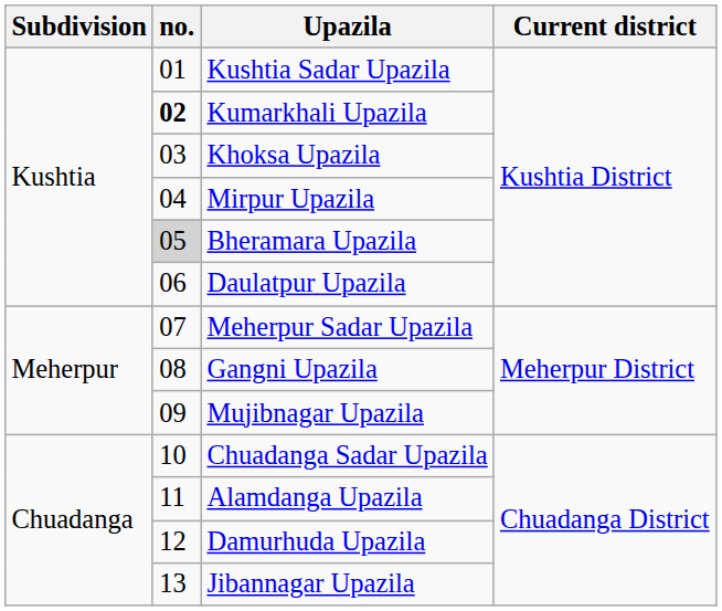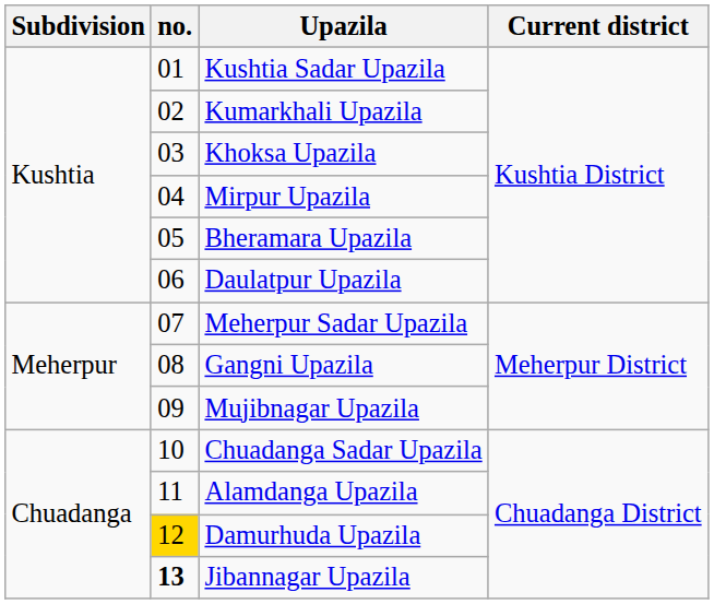 <table class="wikitable">
 <tr>
 <th>Subdivision</th>
 <th>no.</th>
 <th>Upazila</th>
 <th>Current district</th>
 </tr>
 <tr>
 <td rowspan="6">Kushtia</td>
 <td>01</td>
 <td><a href='#'>Kushtia Sadar Upazila</a></td>
 <td rowspan="6"><a href='#'>Kushtia District</a></td>
 </tr>
 <tr>
-<td><strong>02</strong></td>
+<td>02</td>
 <td><a href='#'>Kumarkhali Upazila</a></td>
 </tr>
 <tr>
 <td>03</td>
 <td><a href='#'>Khoksa Upazila</a></td>
 </tr>
 <tr>
 <td>04</td>
 <td><a href='#'>Mirpur Upazila</a></td>
 </tr>
 <tr>
-<td style="background: lightgrey;">05</td>
+<td>05</td>
 <td><a href='#'>Bheramara Upazila</a></td>
 </tr>
 <tr>
 <td>06</td>
 <td><a href='#'> Daulatpur Upazila</a></td>
 </tr>
 <tr>
 <td rowspan="3">Meherpur</td>
 <td>07</td>
 <td><a href='#'>Meherpur Sadar Upazila</a></td>
 <td rowspan="3"><a href='#'>Meherpur District</a></td>
 </tr>
 <tr>
 <td>08</td>
 <td><a href='#'>Gangni Upazila</a></td>
 </tr>
 <tr>
 <td>09</td>
 <td><a href='#'>Mujibnagar Upazila</a></td>
 </tr>
 <tr>
 <td rowspan="4">Chuadanga</td>
 <td>10</td>
 <td><a href='#'>Chuadanga Sadar Upazila</a></td>
 <td rowspan="4"><a href='#'>Chuadanga District</a></td>
 </tr>
 <tr>
 <td>11</td>
 <td><a href='#'>Alamdanga Upazila</a></td>
 </tr>
 <tr>
-<td>12</td>
+<td style="background: gold;">12</td>
 <td><a href='#'>Damurhuda Upazila</a></td>
 </tr>
 <tr>
-<td>13</td>
+<td><strong>13</strong></td>
 <td><a href='#'>Jibannagar Upazila</a></td>
 </tr>
 </table>
